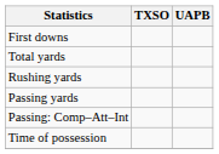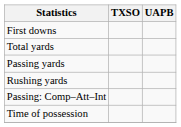 <table class="wikitable" style="float: left;">
 <tr>
 <th>Statistics</th>
 <th>TXSO</th>
 <th>UAPB</th>
 </tr>
 <tr>
 <td>First downs</td>
 <td></td>
 <td></td>
 </tr>
 <tr>
 <td>Total yards</td>
 <td></td>
 <td></td>
 </tr>
 <tr>
-<td>Rushing yards</td>
+<td>Passing yards</td>
 <td></td>
 <td></td>
 </tr>
 <tr>
-<td>Passing yards</td>
+<td>Rushing yards</td>
 <td></td>
 <td></td>
 </tr>
 <tr>
 <td>Passing: Comp–Att–Int</td>
 <td></td>
 <td></td>
 </tr>
 <tr>
 <td>Time of possession</td>
 <td></td>
 <td></td>
 </tr>
 <tr>
 </tr>
 </table>
